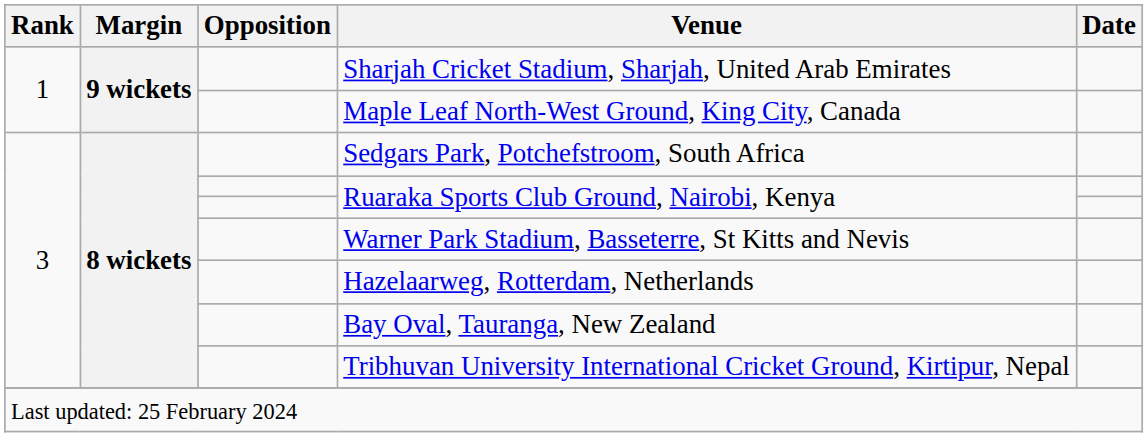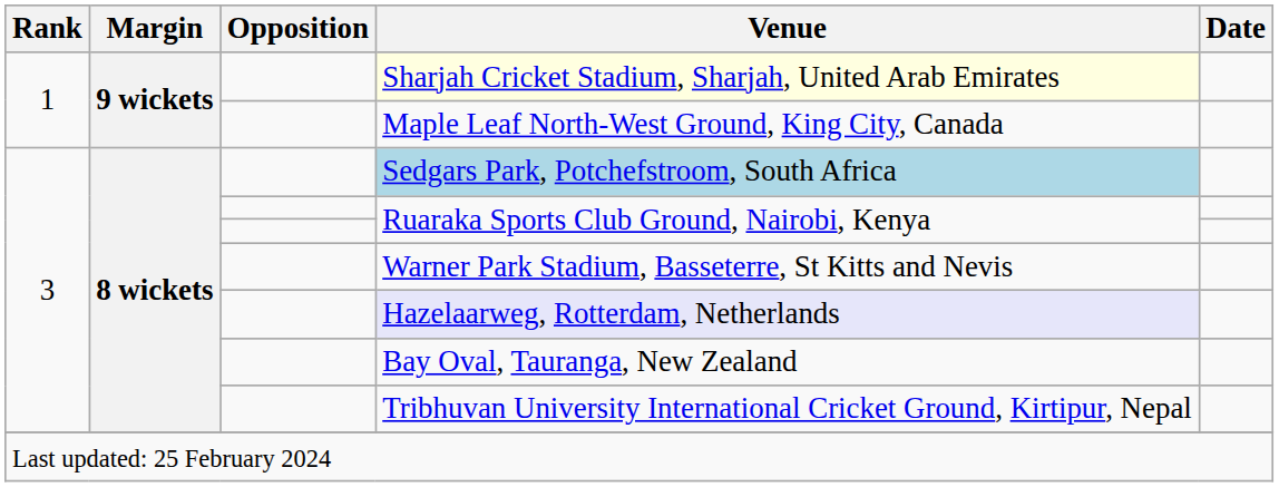 <table class="wikitable plainrowheaders sortable">
 <tr>
 <th scope=col>Rank</th>
 <th scope=col>Margin</th>
 <th scope=col>Opposition</th>
 <th scope=col>Venue</th>
 <th scope=col>Date</th>
 </tr>
 <tr>
 <td align=center rowspan=2>1</td>
 <th scope=row style=text-align:center rowspan=2>9 wickets</th>
 <td></td>
-<td><a href='#'>Sharjah Cricket Stadium</a>, <a href='#'>Sharjah</a>, United Arab Emirates</td>
+<td style="background: lightyellow;"><a href='#'>Sharjah Cricket Stadium</a>, <a href='#'>Sharjah</a>, United Arab Emirates</td>
 <td></td>
 </tr>
 <tr>
 <td></td>
 <td><a href='#'>Maple Leaf North-West Ground</a>, <a href='#'>King City</a>, Canada</td>
 <td></td>
 </tr>
 <tr>
 <td align=center rowspan=7>3</td>
 <th scope=row style=text-align:center rowspan=7>8 wickets</th>
 <td></td>
-<td><a href='#'>Sedgars Park</a>, <a href='#'>Potchefstroom</a>, South Africa</td>
+<td style="background: lightblue;"><a href='#'>Sedgars Park</a>, <a href='#'>Potchefstroom</a>, South Africa</td>
 <td></td>
 </tr>
 <tr>
 <td></td>
 <td rowspan=2><a href='#'>Ruaraka Sports Club Ground</a>, <a href='#'>Nairobi</a>, Kenya</td>
 <td></td>
 </tr>
 <tr>
 <td></td>
 <td></td>
 </tr>
 <tr>
 <td></td>
 <td><a href='#'>Warner Park Stadium</a>, <a href='#'>Basseterre</a>, St Kitts and Nevis</td>
 <td> </td>
 </tr>
 <tr>
 <td></td>
-<td><a href='#'>Hazelaarweg</a>, <a href='#'>Rotterdam</a>, Netherlands</td>
+<td style="background: lavender;"><a href='#'>Hazelaarweg</a>, <a href='#'>Rotterdam</a>, Netherlands</td>
 <td></td>
 </tr>
 <tr>
 <td></td>
 <td><a href='#'>Bay Oval</a>, <a href='#'>Tauranga</a>, New Zealand</td>
 <td></td>
 </tr>
 <tr>
 <td></td>
 <td><a href='#'>Tribhuvan University International Cricket Ground</a>, <a href='#'>Kirtipur</a>, Nepal</td>
 <td></td>
 </tr>
 <tr>
 </tr>
 <tr class=sortbottom>
 <td colspan=5><small>Last updated: 25 February 2024</small></td>
 </tr>
 </table>
